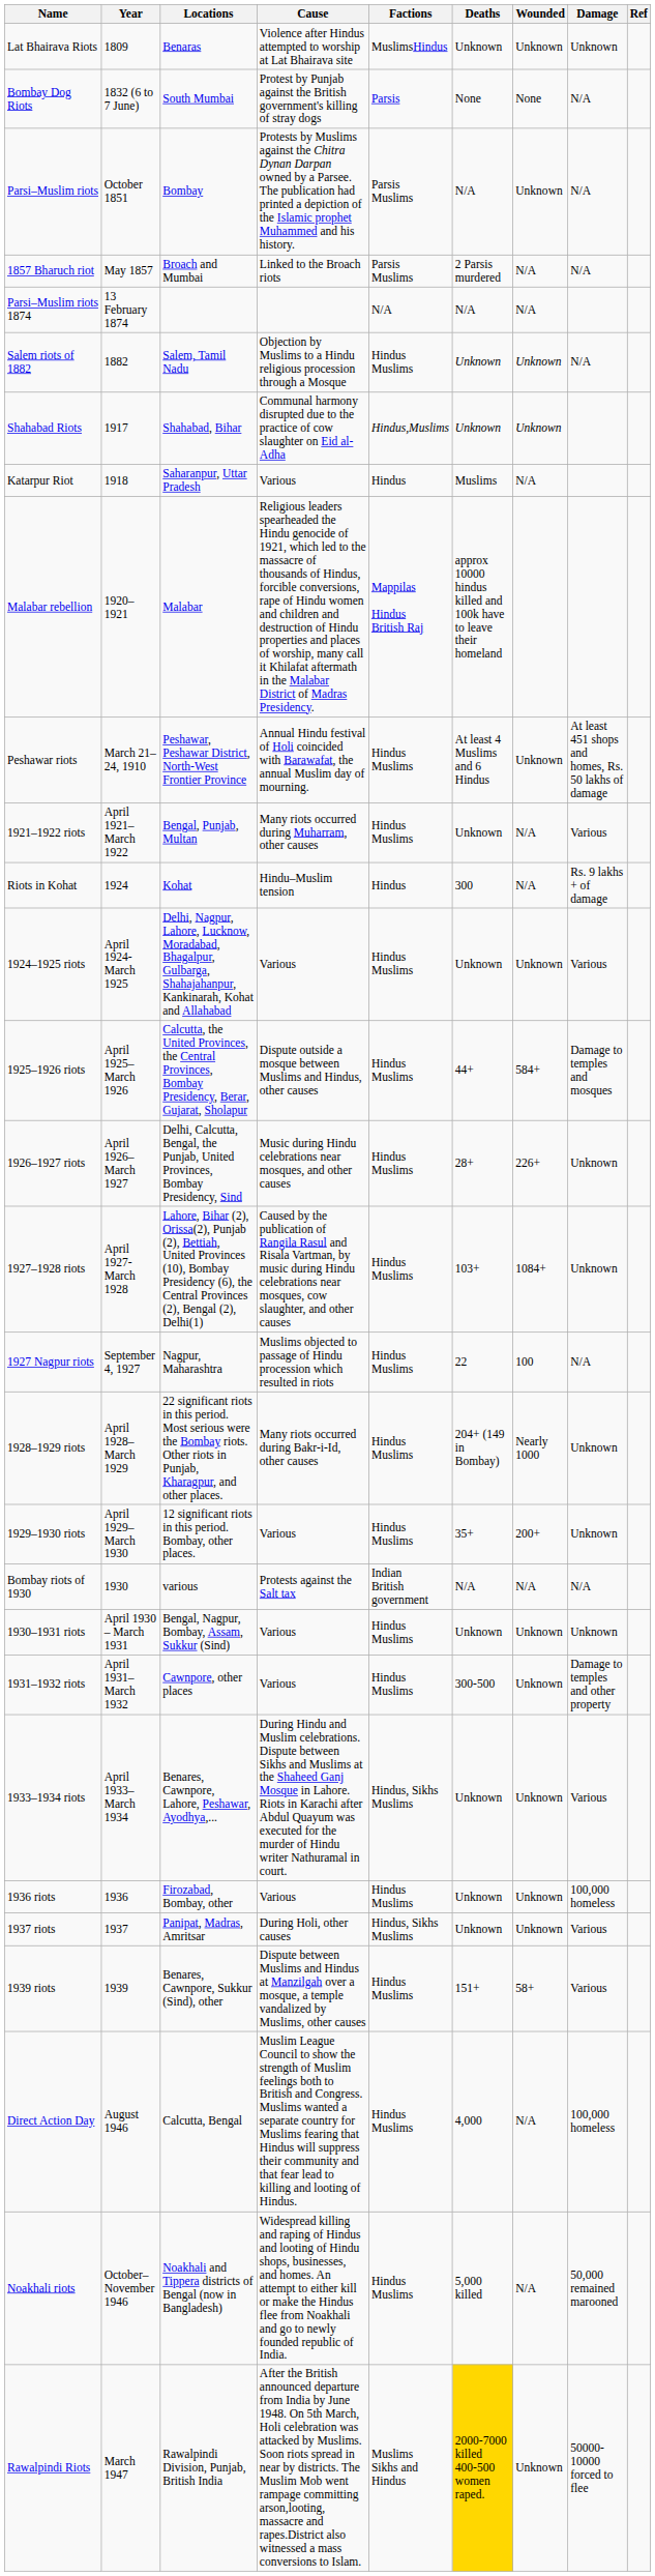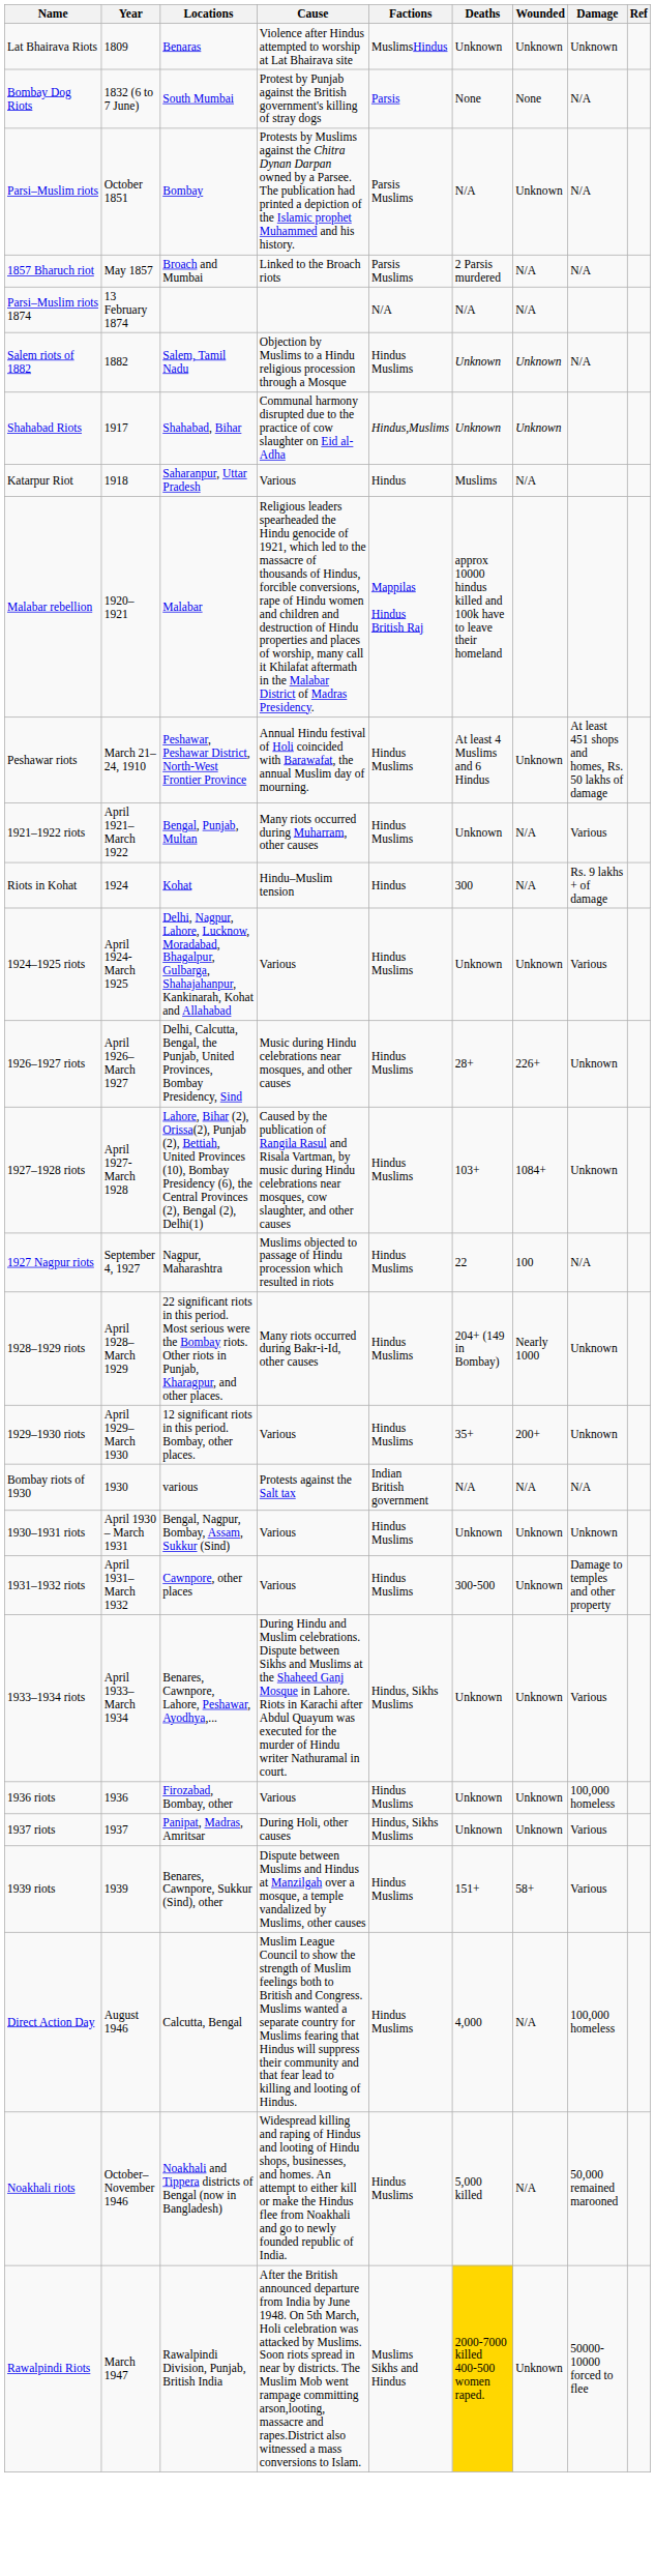 <table class="wikitable sortable">
 <tr>
 <th style="width:15%;">Name</th>
 <th>Year</th>
 <th>Locations</th>
 <th>Cause</th>
 <th>Factions</th>
 <th>Deaths</th>
 <th>Wounded</th>
 <th>Damage</th>
 <th>Ref</th>
 </tr>
 <tr>
 <td>Lat Bhairava Riots</td>
 <td>1809</td>
 <td><a href='#'>Benaras</a></td>
 <td>Violence after Hindus attempted to worship at Lat Bhairava site</td>
 <td>Muslims<a href='#'>Hindus</a></td>
 <td>Unknown</td>
 <td>Unknown</td>
 <td>Unknown</td>
 <td></td>
 </tr>
 <tr>
 <td><a href='#'>Bombay Dog Riots</a></td>
 <td>1832 (6 to 7 June)</td>
 <td><a href='#'>South Mumbai</a></td>
 <td>Protest by Punjab against the British government's killing of stray dogs</td>
 <td><a href='#'>Parsis</a></td>
 <td>None</td>
 <td>None</td>
 <td>N/A</td>
 <td></td>
 </tr>
 <tr>
 <td><a href='#'>Parsi–Muslim riots</a></td>
 <td>October 1851</td>
 <td><a href='#'>Bombay</a></td>
 <td>Protests by Muslims against the <em>Chitra Dynan Darpan</em> owned by a Parsee. The publication had printed a depiction of the <a href='#'>Islamic prophet</a> <a href='#'>Muhammed</a> and his history.</td>
 <td>Parsis <br>Muslims</td>
 <td>N/A</td>
 <td>Unknown</td>
 <td>N/A</td>
 <td></td>
 </tr>
 <tr>
 <td><a href='#'>1857 Bharuch riot</a></td>
 <td>May 1857</td>
 <td><a href='#'>Broach</a> and Mumbai</td>
 <td>Linked to the Broach riots</td>
 <td>Parsis <br> Muslims</td>
 <td>2 Parsis murdered</td>
 <td>N/A</td>
 <td>N/A</td>
 <td></td>
 </tr>
 <tr>
 <td><a href='#'>Parsi–Muslim riots</a> 1874</td>
 <td>13 February 1874</td>
 <td></td>
 <td></td>
 <td>N/A</td>
 <td>N/A</td>
 <td>N/A</td>
 <td></td>
 <td></td>
 </tr>
 <tr>
 <td><a href='#'>Salem riots of 1882</a></td>
 <td>1882</td>
 <td><a href='#'>Salem, Tamil Nadu</a></td>
 <td>Objection by Muslims to a Hindu religious procession through a Mosque</td>
 <td>Hindus <br>Muslims</td>
 <td><em>Unknown</em></td>
 <td><em>Unknown</em></td>
 <td>N/A</td>
 <td></td>
 </tr>
 <tr>
 <td><a href='#'>Shahabad Riots</a></td>
 <td>1917</td>
 <td><a href='#'>Shahabad</a>, <a href='#'>Bihar</a></td>
 <td>Communal harmony disrupted due to the practice of cow slaughter on <a href='#'>Eid al-Adha</a></td>
 <td><em>Hindus,Muslims</em></td>
 <td><em>Unknown</em></td>
 <td><em>Unknown</em></td>
 <td></td>
 </tr>
 <tr>
 <td>Katarpur Riot</td>
 <td>1918</td>
 <td><a href='#'>Saharanpur</a>, <a href='#'>Uttar Pradesh</a></td>
 <td>Various</td>
 <td>Hindus</td>
 <td>Muslims</td>
 <td>N/A</td>
 <td></td>
 <td></td>
 </tr>
 <tr>
 <td><a href='#'>Malabar rebellion</a></td>
 <td>1920–1921</td>
 <td><a href='#'>Malabar</a></td>
 <td>Religious leaders spearheaded the Hindu genocide of 1921, which led to the massacre of thousands of Hindus, forcible conversions, rape of Hindu women and children and destruction of Hindu properties and places of worship, many call it Khilafat aftermath in the <a href='#'>Malabar District</a> of <a href='#'>Madras Presidency</a>.</td>
 <td><a href='#'>Mappilas</a><br><br><a href='#'>Hindus</a><br> <a href='#'>British Raj</a></td>
 <td>approx 10000 hindus killed and 100k have to leave their homeland</td>
 <td></td>
 <td></td>
 <td></td>
 </tr>
 <tr>
 <td>Peshawar riots</td>
 <td>March 21–24, 1910</td>
 <td><a href='#'>Peshawar</a>, <a href='#'>Peshawar District</a>, <a href='#'>North-West Frontier Province</a></td>
 <td>Annual Hindu festival of <a href='#'>Holi</a> coincided with <a href='#'>Barawafat</a>, the annual Muslim day of mourning.</td>
 <td>Hindus <br> Muslims</td>
 <td>At least 4 Muslims and 6 Hindus</td>
 <td>Unknown</td>
 <td>At least 451 shops and homes, Rs. 50 lakhs of damage</td>
 <td></td>
 </tr>
 <tr>
 <td>1921–1922 riots</td>
 <td>April 1921–March 1922</td>
 <td><a href='#'>Bengal</a>, <a href='#'>Punjab</a>, <a href='#'>Multan</a></td>
 <td>Many riots occurred during <a href='#'>Muharram</a>, other causes</td>
 <td>Hindus <br> Muslims</td>
 <td>Unknown</td>
 <td>N/A</td>
 <td>Various</td>
 <td></td>
 </tr>
 <tr>
 <td>Riots in Kohat</td>
 <td>1924</td>
 <td><a href='#'>Kohat</a></td>
 <td>Hindu–Muslim tension</td>
 <td>Hindus <br></td>
 <td>300</td>
 <td>N/A</td>
 <td>Rs. 9 lakhs + of damage</td>
 <td></td>
 </tr>
 <tr>
 <td>1924–1925 riots</td>
 <td>April 1924- March 1925</td>
 <td><a href='#'>Delhi</a>, <a href='#'>Nagpur</a>, <a href='#'>Lahore</a>, <a href='#'>Lucknow</a>, <a href='#'>Moradabad</a>, <a href='#'>Bhagalpur</a>, <a href='#'>Gulbarga</a>, <a href='#'>Shahajahanpur</a>, Kankinarah, Kohat and <a href='#'>Allahabad</a></td>
 <td>Various</td>
 <td>Hindus <br> Muslims</td>
 <td>Unknown</td>
 <td>Unknown</td>
 <td>Various</td>
-<td></td>
-</tr>
-<tr>
-<td>1925–1926 riots</td>
-<td>April 1925–March 1926</td>
-<td><a href='#'>Calcutta</a>, the <a href='#'>United Provinces</a>, the <a href='#'>Central Provinces</a>, <a href='#'>Bombay Presidency</a>, <a href='#'>Berar</a>, <a href='#'>Gujarat</a>, <a href='#'>Sholapur</a></td>
-<td>Dispute outside a mosque between Muslims and Hindus, other causes</td>
-<td>Hindus <br> Muslims</td>
-<td>44+</td>
-<td>584+</td>
-<td>Damage to temples and mosques</td>
 <td></td>
 </tr>
 <tr>
 <td>1926–1927 riots</td>
 <td>April 1926–March 1927</td>
 <td>Delhi, Calcutta, Bengal, the Punjab, United Provinces, Bombay Presidency, <a href='#'>Sind</a></td>
 <td>Music during Hindu celebrations near mosques, and other causes</td>
 <td>Hindus <br> Muslims</td>
 <td>28+</td>
 <td>226+</td>
 <td>Unknown</td>
 <td></td>
 </tr>
 <tr>
 <td>1927–1928 riots</td>
 <td>April 1927- March 1928</td>
 <td><a href='#'>Lahore</a>, <a href='#'>Bihar</a> (2), <a href='#'>Orissa</a>(2), Punjab (2), <a href='#'>Bettiah</a>, United Provinces (10), Bombay Presidency (6), the Central Provinces (2), Bengal (2), Delhi(1)</td>
 <td>Caused by the publication of <a href='#'>Rangila Rasul</a> and Risala Vartman, by music during Hindu celebrations near mosques, cow slaughter, and other causes</td>
 <td>Hindus <br> Muslims</td>
 <td>103+</td>
 <td>1084+</td>
 <td>Unknown</td>
 <td></td>
 </tr>
 <tr>
 <td><a href='#'>1927 Nagpur riots</a></td>
 <td>September 4, 1927</td>
 <td>Nagpur, Maharashtra</td>
 <td>Muslims objected to passage of Hindu procession which resulted in riots</td>
 <td>Hindus <br>Muslims</td>
 <td>22</td>
 <td>100</td>
 <td>N/A</td>
 <td></td>
 </tr>
 <tr>
 <td>1928–1929 riots</td>
 <td>April 1928–March 1929</td>
 <td>22 significant riots in this period. Most serious were the <a href='#'>Bombay</a> riots. Other riots in Punjab, <a href='#'>Kharagpur</a>, and other places.</td>
 <td>Many riots occurred during Bakr-i-Id, other causes</td>
 <td>Hindus <br> Muslims</td>
 <td>204+ (149 in Bombay)</td>
 <td>Nearly 1000</td>
 <td>Unknown</td>
 <td></td>
 </tr>
 <tr>
 <td>1929–1930 riots</td>
 <td>April 1929–March 1930</td>
 <td>12 significant riots in this period. Bombay, other places.</td>
 <td>Various</td>
 <td>Hindus <br> Muslims</td>
 <td>35+</td>
 <td>200+</td>
 <td>Unknown</td>
 <td></td>
 </tr>
 <tr>
 <td>Bombay riots of 1930</td>
 <td>1930</td>
 <td>various</td>
 <td>Protests against the <a href='#'>Salt tax</a></td>
 <td>Indian <br> British government</td>
 <td>N/A</td>
 <td>N/A</td>
 <td>N/A</td>
 <td></td>
 </tr>
 <tr>
 <td>1930–1931 riots</td>
 <td>April 1930 – March 1931</td>
 <td>Bengal, Nagpur, Bombay, <a href='#'>Assam</a>, <a href='#'>Sukkur</a> (Sind)</td>
 <td>Various</td>
 <td>Hindus <br> Muslims</td>
 <td>Unknown</td>
 <td>Unknown</td>
 <td>Unknown</td>
 <td></td>
 </tr>
 <tr>
 <td>1931–1932 riots</td>
 <td>April 1931–March 1932</td>
 <td><a href='#'>Cawnpore</a>, other places</td>
 <td>Various</td>
 <td>Hindus <br> Muslims</td>
 <td>300-500</td>
 <td>Unknown</td>
 <td>Damage to temples and other property</td>
 <td></td>
 </tr>
 <tr>
 <td>1933–1934 riots</td>
 <td>April 1933–March 1934</td>
 <td>Benares, Cawnpore, Lahore, <a href='#'>Peshawar</a>, <a href='#'>Ayodhya</a>,...</td>
 <td>During Hindu and Muslim celebrations. Dispute between Sikhs and Muslims at the <a href='#'>Shaheed Ganj Mosque</a> in Lahore. Riots in Karachi after  Abdul Quayum was executed for the murder of Hindu writer Nathuramal in court.</td>
 <td>Hindus, Sikhs <br> Muslims</td>
 <td>Unknown</td>
 <td>Unknown</td>
 <td>Various</td>
 <td></td>
 </tr>
 <tr>
 <td>1936 riots</td>
 <td>1936</td>
 <td><a href='#'>Firozabad</a>, Bombay, other</td>
 <td>Various</td>
 <td>Hindus <br> Muslims</td>
 <td>Unknown</td>
 <td>Unknown</td>
 <td>100,000 homeless</td>
 <td></td>
 </tr>
 <tr>
 <td>1937 riots</td>
 <td>1937</td>
 <td><a href='#'>Panipat</a>, <a href='#'>Madras</a>, Amritsar</td>
 <td>During Holi, other causes</td>
 <td>Hindus, Sikhs <br> Muslims</td>
 <td>Unknown</td>
 <td>Unknown</td>
 <td>Various</td>
 <td></td>
 </tr>
 <tr>
 <td>1939 riots</td>
 <td>1939</td>
 <td>Benares, Cawnpore, Sukkur (Sind), other</td>
 <td>Dispute between Muslims and Hindus at <a href='#'>Manzilgah</a> over a mosque, a temple vandalized by Muslims, other causes</td>
 <td>Hindus <br> Muslims</td>
 <td>151+</td>
 <td>58+</td>
 <td>Various</td>
 <td></td>
 </tr>
 <tr>
 <td><a href='#'>Direct Action Day</a></td>
 <td>August 1946</td>
 <td>Calcutta, Bengal</td>
 <td>Muslim League Council to show the strength of Muslim feelings both to British and Congress. Muslims wanted a separate country for Muslims fearing that Hindus will suppress their community and that fear lead to killing and looting of Hindus.</td>
 <td>Hindus <br>Muslims <br></td>
 <td>4,000</td>
 <td>N/A</td>
 <td>100,000 homeless</td>
 <td></td>
 </tr>
 <tr>
 <td><a href='#'>Noakhali riots</a></td>
 <td>October–November 1946</td>
 <td><a href='#'>Noakhali</a> and <a href='#'>Tippera</a> districts of Bengal (now in Bangladesh)</td>
 <td>Widespread killing and raping of Hindus and looting of Hindu shops, businesses, and homes. An attempt to either kill or make the Hindus flee from Noakhali and go to newly founded republic of India.</td>
 <td>Hindus <br>Muslims  <br></td>
 <td>5,000 killed</td>
 <td>N/A</td>
 <td>50,000 remained marooned</td>
 <td></td>
 </tr>
 <tr>
 <td><a href='#'>Rawalpindi Riots</a></td>
 <td>March 1947</td>
 <td>Rawalpindi Division, Punjab, British India</td>
 <td>After the British announced departure from India by June 1948. On 5th March, Holi celebration was attacked by Muslims. Soon riots spread in near by districts. The Muslim Mob went rampage committing arson,looting, massacre and rapes.District also witnessed a mass conversions to Islam.</td>
 <td>Muslims<br>Sikhs and Hindus</td>
 <td style="background: gold;">2000-7000 killed<br>400-500 women raped.</td>
 <td>Unknown</td>
 <td>50000-10000 forced to flee</td>
 <td></td>
 </tr>
 </table>
